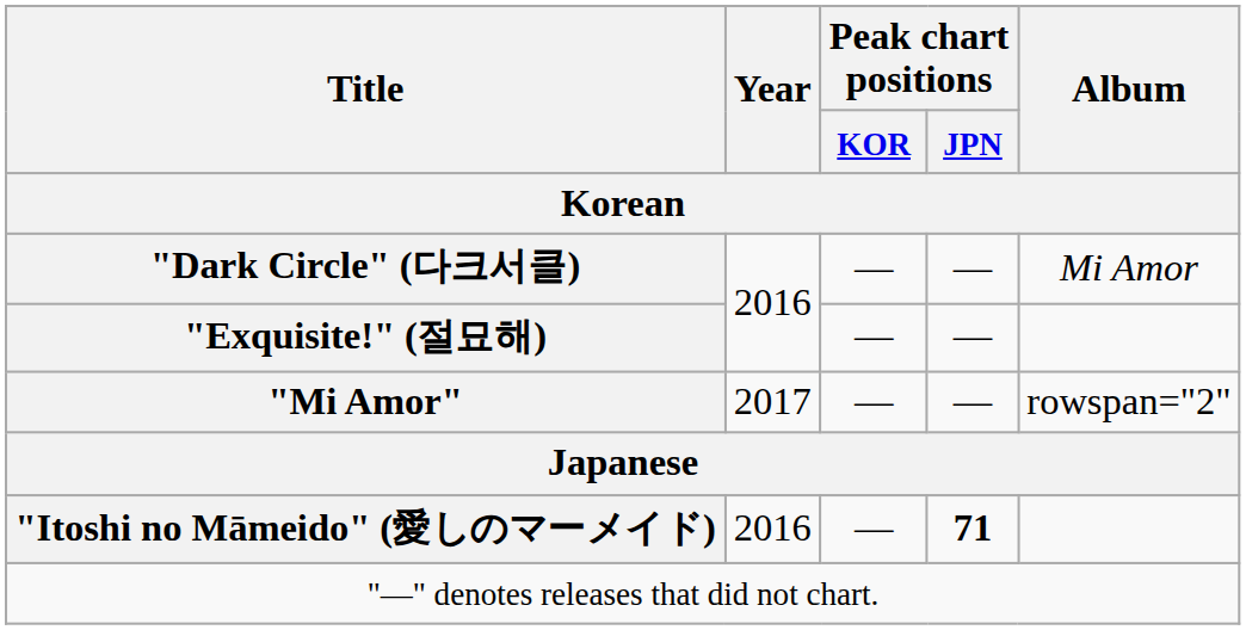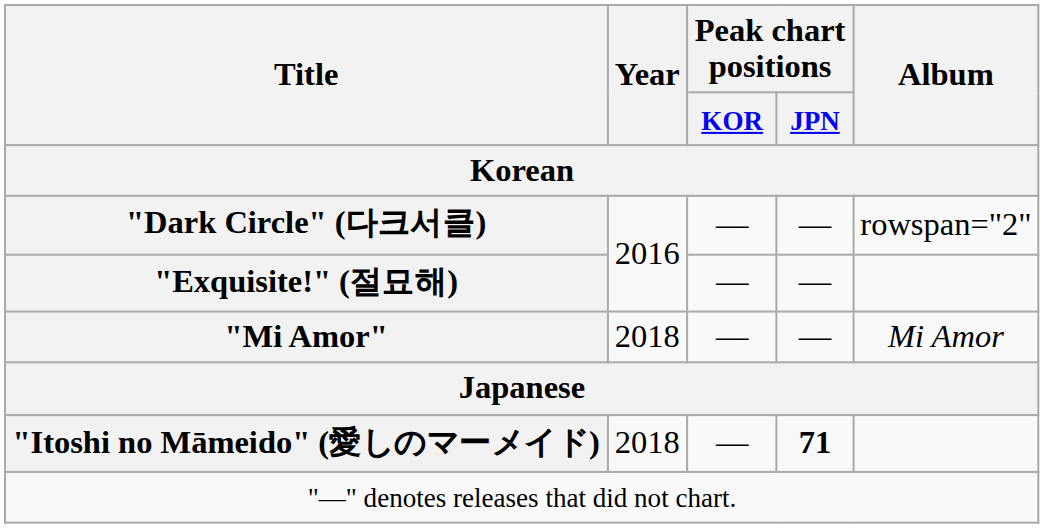 <table class="wikitable plainrowheaders" style="text-align:center;">
 <tr>
 <th scope="col" rowspan="2">Title</th>
 <th scope="col" rowspan="2">Year</th>
 <th scope="col" colspan="2">Peak chart <br> positions</th>
 <th scope="col" rowspan="2">Album</th>
 </tr>
 <tr>
 <th><small><a href='#'>KOR</a></small><br></th>
 <th><small><a href='#'>JPN</a></small><br></th>
 </tr>
 <tr>
 <th colspan="5">Korean</th>
 </tr>
 <tr>
 <th scope="row">"Dark Circle" (다크서클)</th>
 <td rowspan="2">2016</td>
 <td>—</td>
 <td>—</td>
-<td><em>Mi Amor</em></td>
+<td>rowspan="2" </td>
 </tr>
 <tr>
 <th scope="row">"Exquisite!" (절묘해)</th>
 <td>—</td>
 <td>—</td>
 </tr>
 <tr>
 <th scope="row">"Mi Amor"</th>
-<td>2017</td>
+<td>2018</td>
 <td>—</td>
 <td>—</td>
-<td>rowspan="2" </td>
+<td><em>Mi Amor</em></td>
 </tr>
 <tr>
 <th colspan="5">Japanese</th>
 </tr>
 <tr>
 <th scope="row">"Itoshi no Māmeido" (愛しのマーメイド)</th>
-<td>2016</td>
+<td>2018</td>
 <td>—</td>
 <td><strong>71</strong></td>
 <td></td>
 </tr>
 <tr>
 <td colspan="5" align="center"><small>"—" denotes releases that did not chart.</small></td>
 </tr>
 </table>
